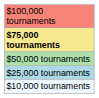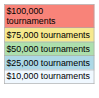 <table class="wikitable" style="font-size:85%;" width=11%>
 <tr bgcolor="#F88379">
 <td>$100,000 tournaments</td>
 </tr>
 <tr bgcolor="#F7E98E">
-<td><strong>$75,000 tournaments</strong></td>
+<td>$75,000 tournaments</td>
 </tr>
 <tr bgcolor="#ADDFAD">
 <td>$50,000 tournaments</td>
 </tr>
 <tr bgcolor=lightblue>
 <td>$25,000 tournaments</td>
 </tr>
 <tr bgcolor="#f0f8ff">
 <td>$10,000 tournaments</td>
 </tr>
 </table>
